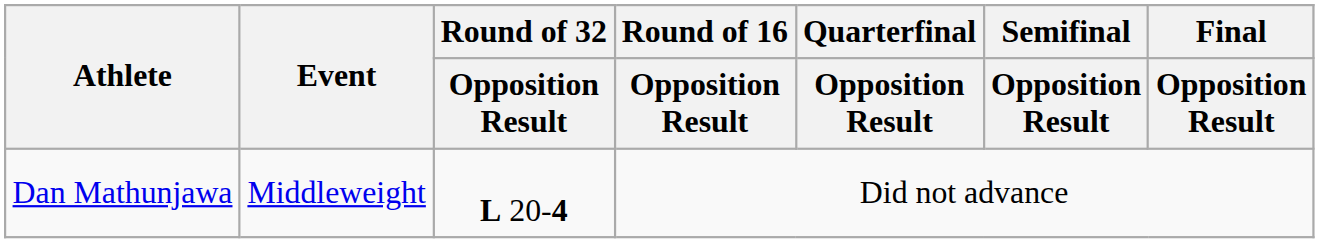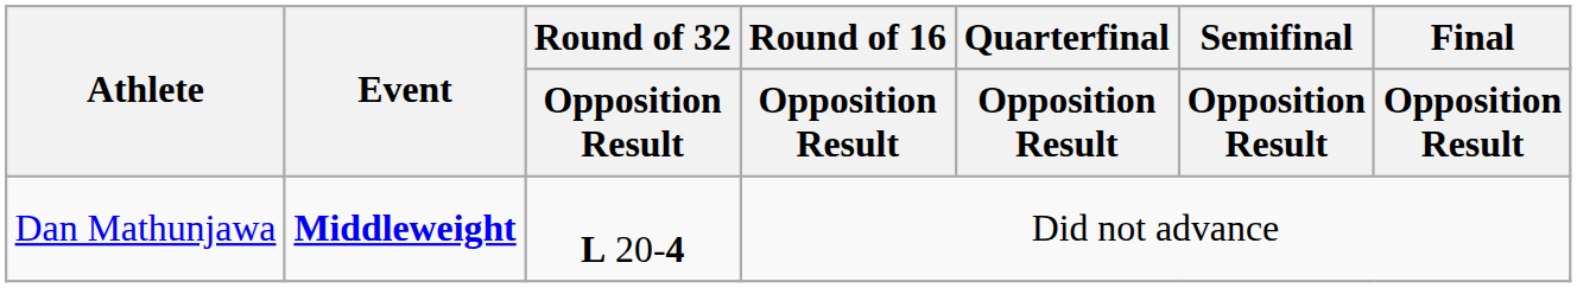 <table class=wikitable style=font-size:90%>
 <tr>
 <th rowspan=2>Athlete</th>
 <th rowspan=2>Event</th>
 <th>Round of 32</th>
 <th>Round of 16</th>
 <th>Quarterfinal</th>
 <th>Semifinal</th>
 <th>Final</th>
 </tr>
 <tr>
 <th>Opposition<br>Result</th>
 <th>Opposition<br>Result</th>
 <th>Opposition<br>Result</th>
 <th>Opposition<br>Result</th>
 <th>Opposition<br>Result</th>
 </tr>
 <tr>
 <td><a href='#'>Dan Mathunjawa</a></td>
-<td><a href='#'>Middleweight</a></td>
+<td><strong><a href='#'>Middleweight</a></strong></td>
 <td align=center><br><strong>L</strong> 20-<strong>4</strong></td>
 <td colspan=4 align=center>Did not advance</td>
 </tr>
 </table>
